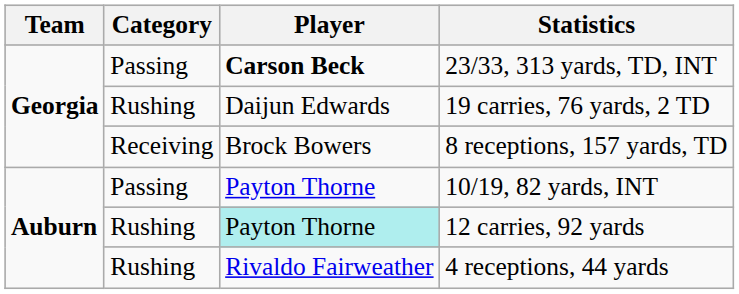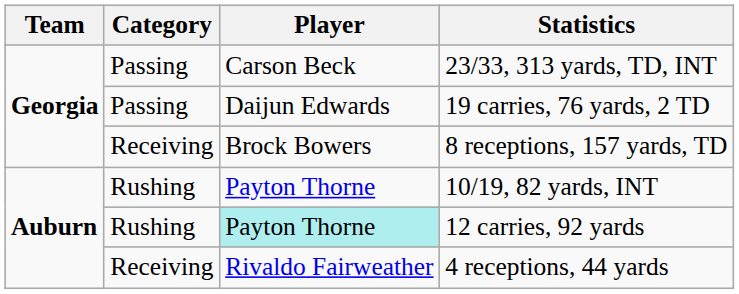 <table class="wikitable" style="float: right;">
 <tr>
 <th>Team</th>
 <th>Category</th>
 <th>Player</th>
 <th>Statistics</th>
 </tr>
 <tr>
 <td rowspan=3><strong>Georgia</strong></td>
 <td>Passing</td>
-<td><strong>Carson Beck</strong></td>
+<td>Carson Beck</td>
 <td>23/33, 313 yards, TD, INT</td>
 </tr>
 <tr>
-<td>Rushing</td>
+<td>Passing</td>
 <td>Daijun Edwards</td>
 <td>19 carries, 76 yards, 2 TD</td>
 </tr>
 <tr>
 <td>Receiving</td>
 <td>Brock Bowers</td>
 <td>8 receptions, 157 yards, TD</td>
 </tr>
 <tr>
 <td rowspan=3><strong>Auburn</strong></td>
-<td>Passing</td>
+<td>Rushing</td>
 <td><a href='#'>Payton Thorne</a></td>
 <td>10/19, 82 yards, INT</td>
 </tr>
 <tr>
 <td>Rushing</td>
 <td style="background: paleturquoise;">Payton Thorne</td>
 <td>12 carries, 92 yards</td>
 </tr>
 <tr>
-<td>Rushing</td>
+<td>Receiving</td>
 <td><a href='#'>Rivaldo Fairweather</a></td>
 <td>4 receptions, 44 yards</td>
 </tr>
 </table>
